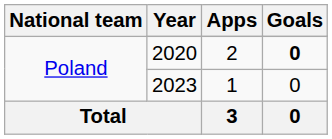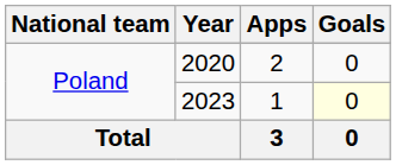 <table class="wikitable" style="text-align:center">
 <tr>
 <th>National team</th>
 <th>Year</th>
 <th>Apps</th>
 <th>Goals</th>
 </tr>
 <tr>
 <td rowspan="3"><a href='#'>Poland</a></td>
 </tr>
 <tr>
 <td>2020</td>
 <td>2</td>
-<td><strong>0</strong></td>
+<td>0</td>
 </tr>
 <tr>
 <td>2023</td>
 <td>1</td>
-<td>0</td>
+<td style="background: lightyellow;">0</td>
 </tr>
 <tr>
 <th colspan="2">Total</th>
 <th>3</th>
 <th>0</th>
 </tr>
 </table>
